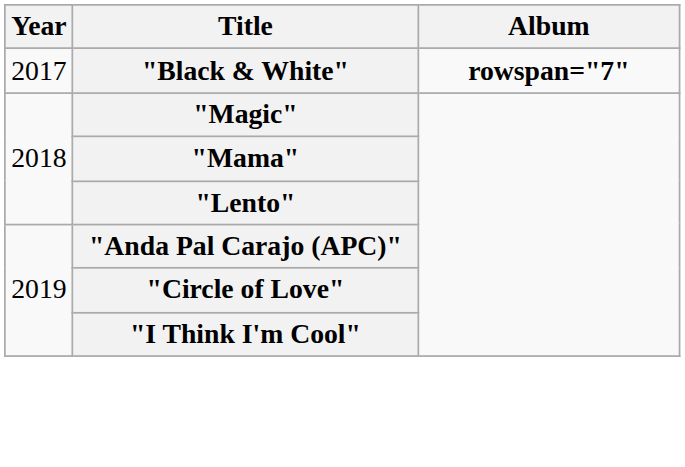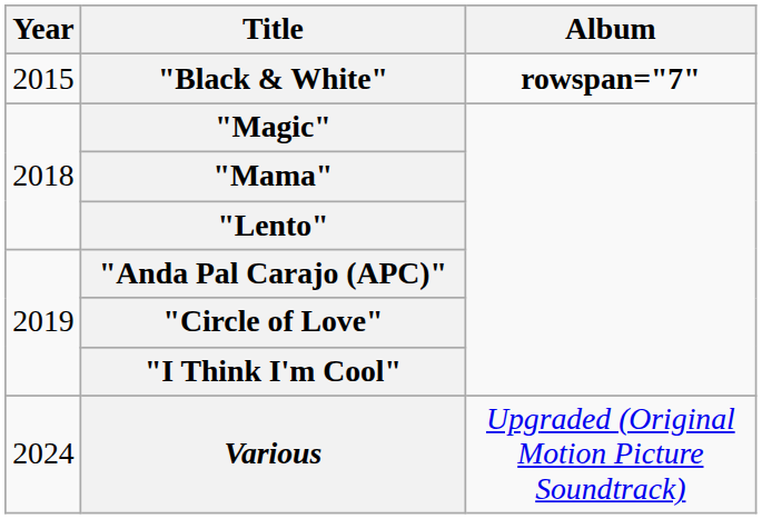 <table class="wikitable plainrowheaders" style="text-align:center;">
 <tr>
 <th scope="col" style="width:1em;">Year</th>
 <th scope="col" style="width:12em;">Title</th>
 <th scope="col" style="width:9em;">Album</th>
 </tr>
 <tr>
-<td>2017</td>
+<td>2015</td>
 <th scope="row">"Black & White" </th>
 <td><strong>rowspan="7" </strong></td>
 </tr>
 <tr>
 <td rowspan="3">2018</td>
 <th scope="row">"Magic" </th>
 </tr>
 <tr>
 <th scope="row">"Mama"</th>
 </tr>
 <tr>
 <th scope="row">"Lento"</th>
 </tr>
 <tr>
 <td rowspan="3">2019</td>
 <th scope="row">"Anda Pal Carajo (APC)" </th>
 </tr>
 <tr>
 <th scope="row">"Circle of Love"</th>
 </tr>
 <tr>
 <th scope="row">"I Think I'm Cool"</th>
 </tr>
+<tr>
+<td>2024</td>
+<th scope="row"><em>Various</em></th>
+<td><em><a href='#'>Upgraded (Original Motion Picture Soundtrack)</a></em></td>
+</tr>
 </table>
